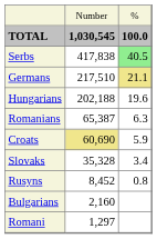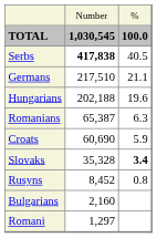 <table border=1 cellpadding=4 cellspacing=0 class="toccolours" style="align: left; margin: 0.5em 0 0 0; border-style: solid; border: 1px solid #7f7f7f; border-right-width: 2px; border-bottom-width: 2px; border-collapse: collapse; font-size: 95%;">
 <tr>
 <td style="background:#F5F5DC;"></td>
 <td style="background:#F5F5DC;" align="center"><small>Number</small></td>
 <td style="background:#F5F5DC;" align="center"><small>%</small></td>
 </tr>
 <tr>
 <td style="background:#c1c1c1;"><strong>TOTAL</strong></td>
 <td colspan=1 style="background:#c1c1c1;" align="center"><strong>1,030,545</strong></td>
 <td colspan=1 style="background:#c1c1c1;" align="center"><strong>100.0</strong></td>
 </tr>
 <tr>
 <td style="background:#F5F5DC;"><a href='#'>Serbs</a></td>
-<td align="right">417,838</td>
-<td align="right" style="background: lightgreen;">40.5</td>
+<td align="right"><strong>417,838</strong></td>
+<td align="right">40.5</td>
 </tr>
 <tr>
 <td style="background:#F5F5DC;"><a href='#'>Germans</a></td>
 <td align="right">217,510</td>
-<td align="right" style="background: khaki;">21.1</td>
+<td align="right">21.1</td>
 </tr>
 <tr>
 <td style="background:#F5F5DC;"><a href='#'>Hungarians</a></td>
 <td align="right">202,188</td>
 <td align="right">19.6</td>
 </tr>
 <tr>
 <td style="background:#F5F5DC;"><a href='#'>Romanians</a></td>
 <td align="right">65,387</td>
 <td align="right">6.3</td>
 </tr>
 <tr>
 <td style="background:#F5F5DC;"><a href='#'>Croats</a></td>
-<td align="right" style="background: khaki;">60,690</td>
+<td align="right">60,690</td>
 <td align="right">5.9</td>
 </tr>
 <tr>
 <td style="background:#F5F5DC;"><a href='#'>Slovaks</a></td>
 <td align="right">35,328</td>
-<td align="right">3.4</td>
+<td align="right"><strong>3.4</strong></td>
 </tr>
 <tr>
 <td style="background:#F5F5DC;"><a href='#'>Rusyns</a></td>
 <td align="right">8,452</td>
 <td align="right">0.8</td>
 </tr>
 <tr>
 <td style="background:#F5F5DC;"><a href='#'>Bulgarians</a></td>
 <td align="right">2,160</td>
 <td align="right"></td>
 </tr>
 <tr>
 <td style="background:#F5F5DC;"><a href='#'>Romani</a></td>
 <td align="right">1,297</td>
 <td align="right"></td>
 </tr>
 <tr>
 </tr>
 </table>
